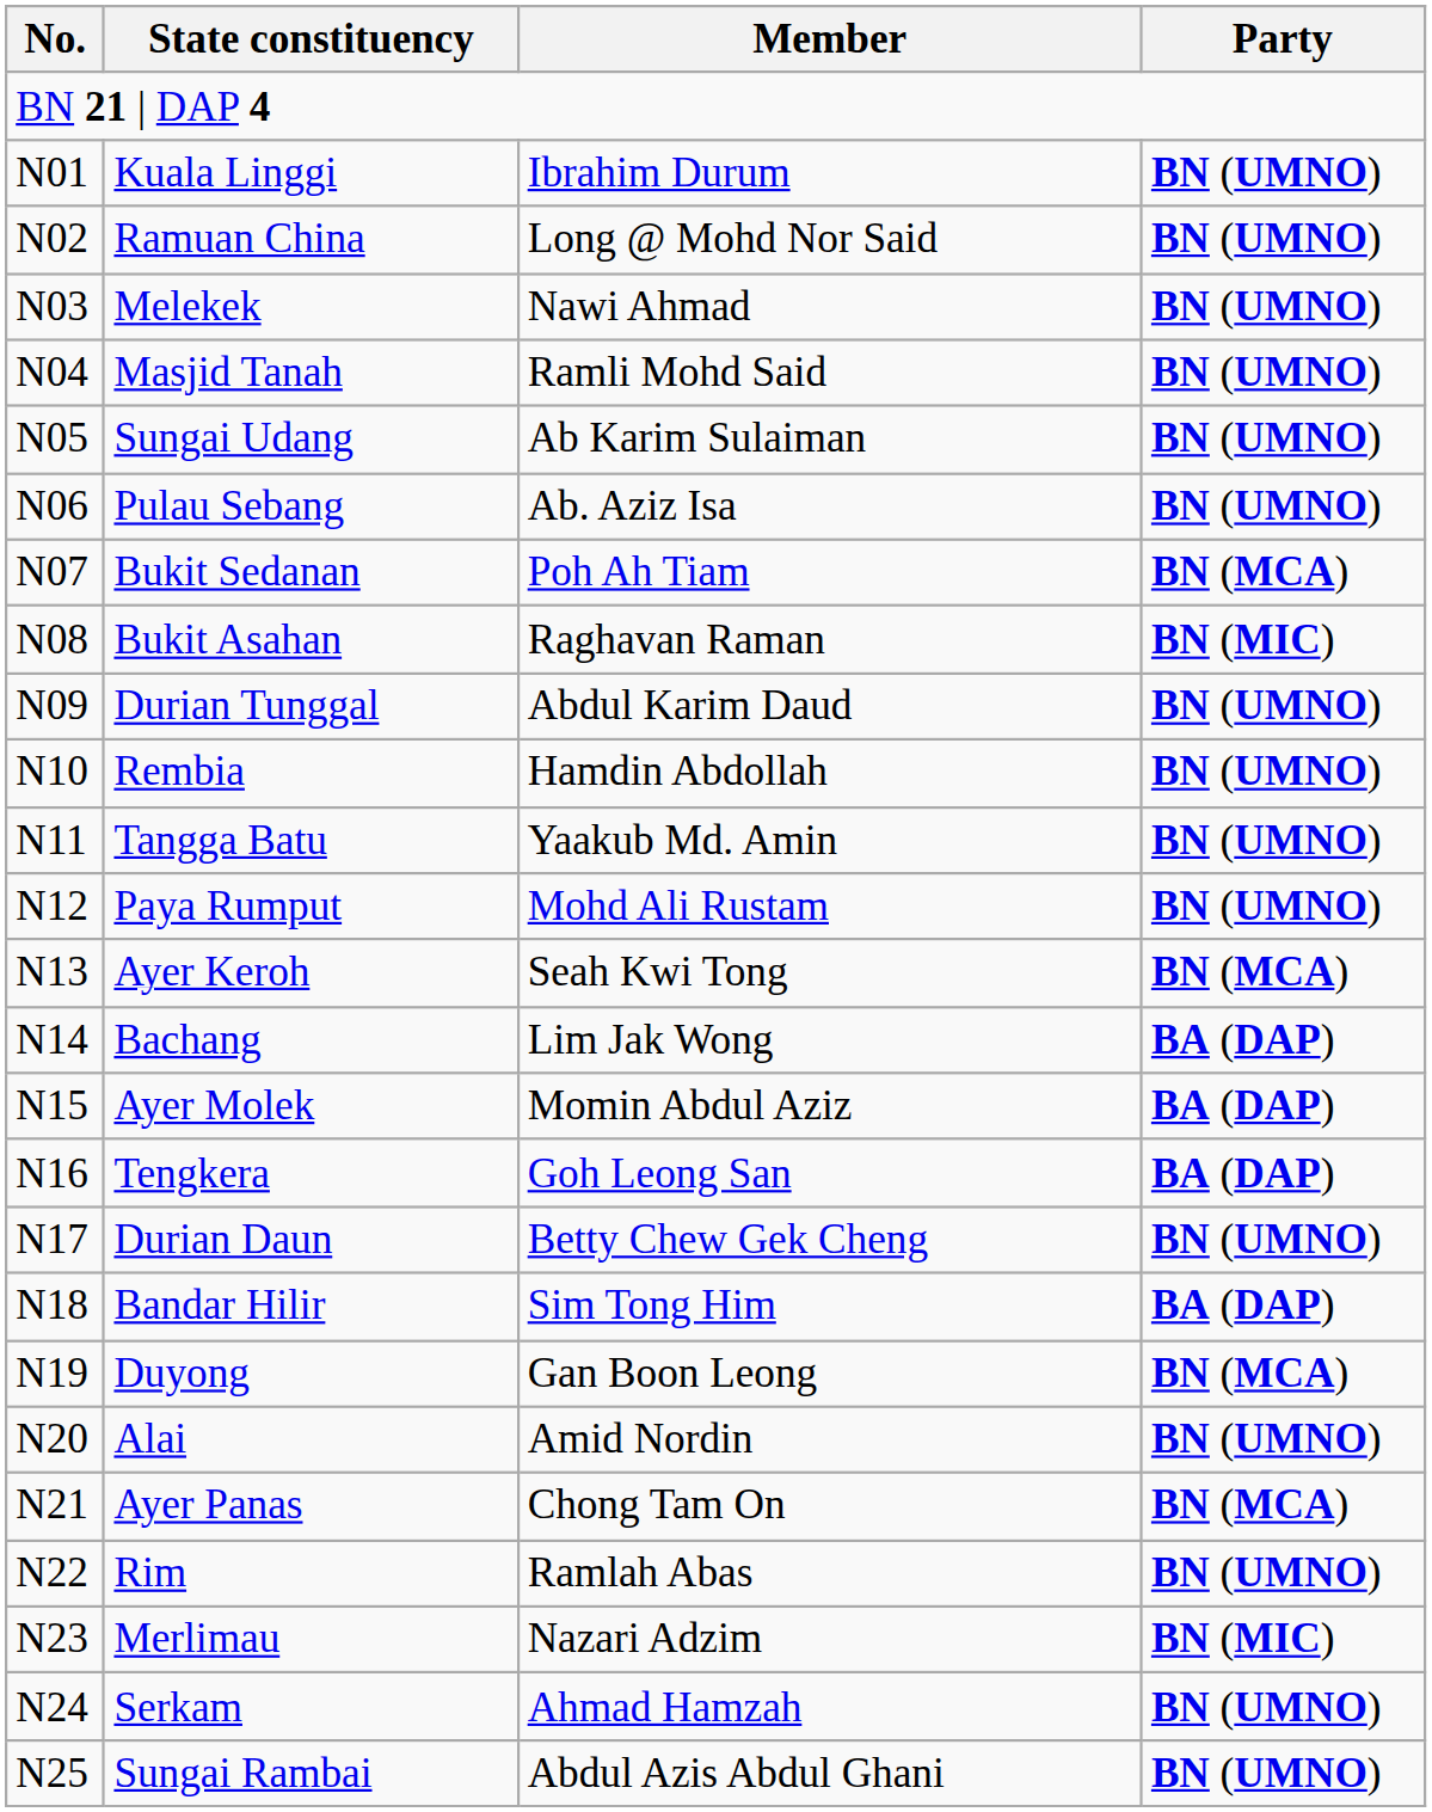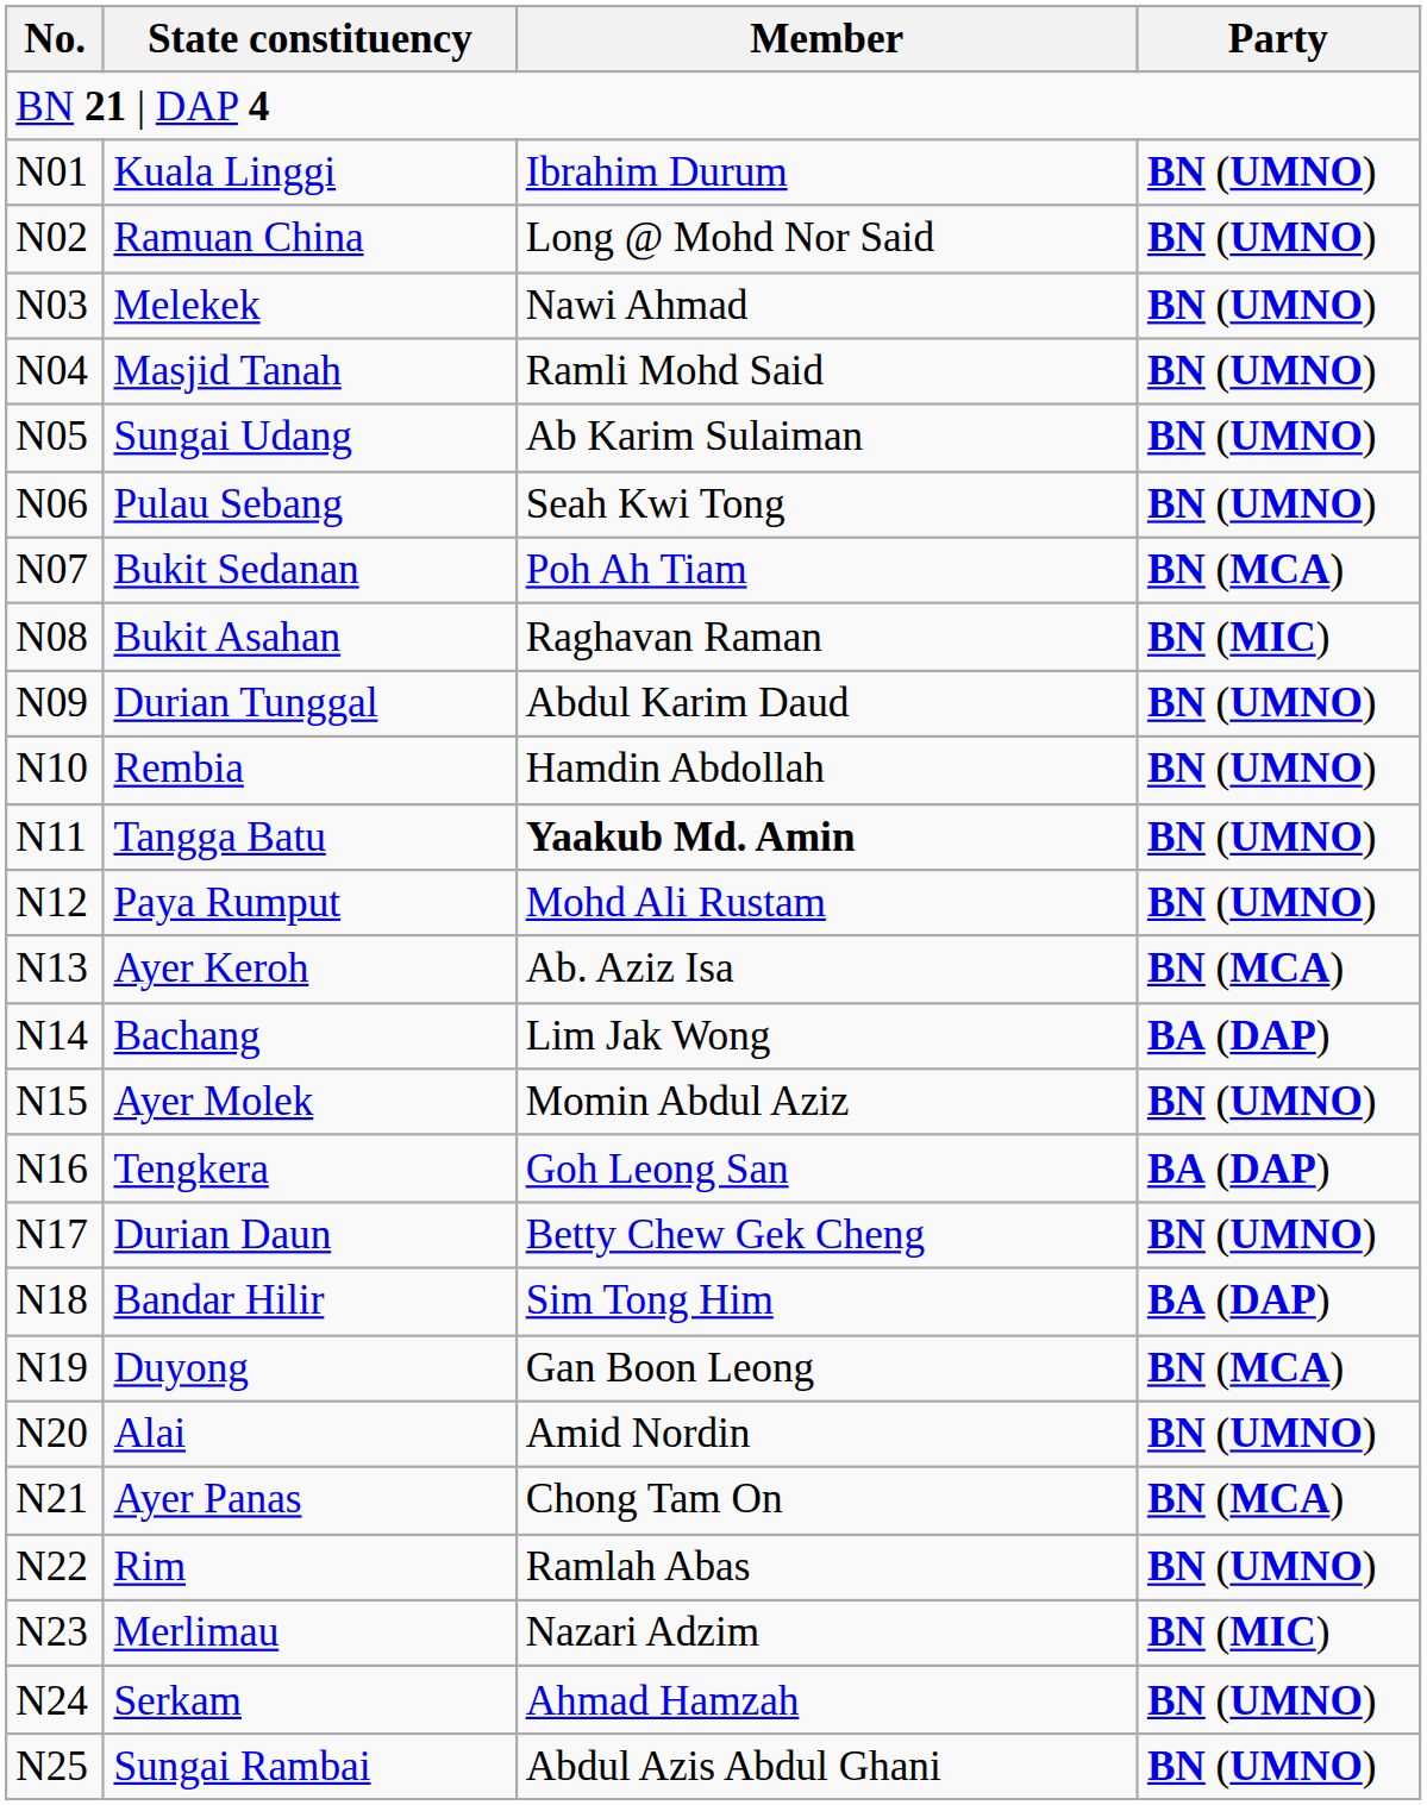 <table class="wikitable sortable">
 <tr>
 <th style="width:30px;">No.</th>
 <th style="width:150px;">State constituency</th>
 <th style="width:230px;">Member</th>
 <th style="width:100px;">Party</th>
 </tr>
 <tr>
 <td colspan="4"><a href='#'>BN</a> <strong>21</strong> | <a href='#'>DAP</a> <strong>4</strong></td>
 </tr>
 <tr>
 <td>N01</td>
 <td><a href='#'>Kuala Linggi</a></td>
 <td><a href='#'>Ibrahim Durum</a></td>
 <td><strong><a href='#'>BN</a></strong> (<strong><a href='#'>UMNO</a></strong>)</td>
 </tr>
 <tr>
 <td>N02</td>
 <td><a href='#'>Ramuan China</a></td>
 <td>Long @ Mohd Nor Said</td>
 <td><strong><a href='#'>BN</a></strong> (<strong><a href='#'>UMNO</a></strong>)</td>
 </tr>
 <tr>
 <td>N03</td>
 <td><a href='#'>Melekek</a></td>
 <td>Nawi Ahmad</td>
 <td><strong><a href='#'>BN</a></strong> (<strong><a href='#'>UMNO</a></strong>)</td>
 </tr>
 <tr>
 <td>N04</td>
 <td><a href='#'>Masjid Tanah</a></td>
 <td>Ramli Mohd Said</td>
 <td><strong><a href='#'>BN</a></strong> (<strong><a href='#'>UMNO</a></strong>)</td>
 </tr>
 <tr>
 <td>N05</td>
 <td><a href='#'>Sungai Udang</a></td>
 <td>Ab Karim Sulaiman</td>
 <td><strong><a href='#'>BN</a></strong> (<strong><a href='#'>UMNO</a></strong>)</td>
 </tr>
 <tr>
 <td>N06</td>
 <td><a href='#'>Pulau Sebang</a></td>
-<td>Ab. Aziz Isa</td>
+<td>Seah Kwi Tong</td>
 <td><strong><a href='#'>BN</a></strong> (<strong><a href='#'>UMNO</a></strong>)</td>
 </tr>
 <tr>
 <td>N07</td>
 <td><a href='#'>Bukit Sedanan</a></td>
 <td><a href='#'>Poh Ah Tiam</a></td>
 <td><strong><a href='#'>BN</a></strong> (<strong><a href='#'>MCA</a></strong>)</td>
 </tr>
 <tr>
 <td>N08</td>
 <td><a href='#'>Bukit Asahan</a></td>
 <td>Raghavan Raman</td>
 <td><strong><a href='#'>BN</a></strong> (<strong><a href='#'>MIC</a></strong>)</td>
 </tr>
 <tr>
 <td>N09</td>
 <td><a href='#'>Durian Tunggal</a></td>
 <td>Abdul Karim Daud</td>
 <td><strong><a href='#'>BN</a></strong> (<strong><a href='#'>UMNO</a></strong>)</td>
 </tr>
 <tr>
 <td>N10</td>
 <td><a href='#'>Rembia</a></td>
 <td>Hamdin Abdollah</td>
 <td><strong><a href='#'>BN</a></strong> (<strong><a href='#'>UMNO</a></strong>)</td>
 </tr>
 <tr>
 <td>N11</td>
 <td><a href='#'>Tangga Batu</a></td>
-<td>Yaakub Md. Amin</td>
+<td><strong>Yaakub Md. Amin</strong></td>
 <td><strong><a href='#'>BN</a></strong> (<strong><a href='#'>UMNO</a></strong>)</td>
 </tr>
 <tr>
 <td>N12</td>
 <td><a href='#'>Paya Rumput</a></td>
 <td><a href='#'>Mohd Ali Rustam</a></td>
 <td><strong><a href='#'>BN</a></strong> (<strong><a href='#'>UMNO</a></strong>)</td>
 </tr>
 <tr>
 <td>N13</td>
 <td><a href='#'>Ayer Keroh</a></td>
-<td>Seah Kwi Tong</td>
+<td>Ab. Aziz Isa</td>
 <td><strong><a href='#'>BN</a></strong> (<strong><a href='#'>MCA</a></strong>)</td>
 </tr>
 <tr>
 <td>N14</td>
 <td><a href='#'>Bachang</a></td>
 <td>Lim Jak Wong</td>
 <td><strong><a href='#'>BA</a></strong> (<strong><a href='#'>DAP</a></strong>)</td>
 </tr>
 <tr>
 <td>N15</td>
 <td><a href='#'>Ayer Molek</a></td>
 <td>Momin Abdul Aziz</td>
-<td><strong><a href='#'>BA</a></strong> (<strong><a href='#'>DAP</a></strong>)</td>
+<td><strong><a href='#'>BN</a></strong> (<strong><a href='#'>UMNO</a></strong>)</td>
 </tr>
 <tr>
 <td>N16</td>
 <td><a href='#'>Tengkera</a></td>
 <td><a href='#'>Goh Leong San</a></td>
 <td><strong><a href='#'>BA</a></strong> (<strong><a href='#'>DAP</a></strong>)</td>
 </tr>
 <tr>
 <td>N17</td>
 <td><a href='#'>Durian Daun</a></td>
 <td><a href='#'>Betty Chew Gek Cheng</a></td>
 <td><strong><a href='#'>BN</a></strong> (<strong><a href='#'>UMNO</a></strong>)</td>
 </tr>
 <tr>
 <td>N18</td>
 <td><a href='#'>Bandar Hilir</a></td>
 <td><a href='#'>Sim Tong Him</a></td>
 <td><strong><a href='#'>BA</a></strong> (<strong><a href='#'>DAP</a></strong>)</td>
 </tr>
 <tr>
 <td>N19</td>
 <td><a href='#'>Duyong</a></td>
 <td>Gan Boon Leong</td>
 <td><strong><a href='#'>BN</a></strong> (<strong><a href='#'>MCA</a></strong>)</td>
 </tr>
 <tr>
 <td>N20</td>
 <td><a href='#'>Alai</a></td>
 <td>Amid Nordin</td>
 <td><strong><a href='#'>BN</a></strong> (<strong><a href='#'>UMNO</a></strong>)</td>
 </tr>
 <tr>
 <td>N21</td>
 <td><a href='#'>Ayer Panas</a></td>
 <td>Chong Tam On</td>
 <td><strong><a href='#'>BN</a></strong> (<strong><a href='#'>MCA</a></strong>)</td>
 </tr>
 <tr>
 <td>N22</td>
 <td><a href='#'>Rim</a></td>
 <td>Ramlah Abas</td>
 <td><strong><a href='#'>BN</a></strong> (<strong><a href='#'>UMNO</a></strong>)</td>
 </tr>
 <tr>
 <td>N23</td>
 <td><a href='#'>Merlimau</a></td>
 <td>Nazari Adzim</td>
 <td><strong><a href='#'>BN</a></strong> (<strong><a href='#'>MIC</a></strong>)</td>
 </tr>
 <tr>
 <td>N24</td>
 <td><a href='#'>Serkam</a></td>
 <td><a href='#'>Ahmad Hamzah</a></td>
 <td><strong><a href='#'>BN</a></strong> (<strong><a href='#'>UMNO</a></strong>)</td>
 </tr>
 <tr>
 <td>N25</td>
 <td><a href='#'>Sungai Rambai</a></td>
 <td>Abdul Azis Abdul Ghani</td>
 <td><strong><a href='#'>BN</a></strong> (<strong><a href='#'>UMNO</a></strong>)</td>
 </tr>
 </table>
